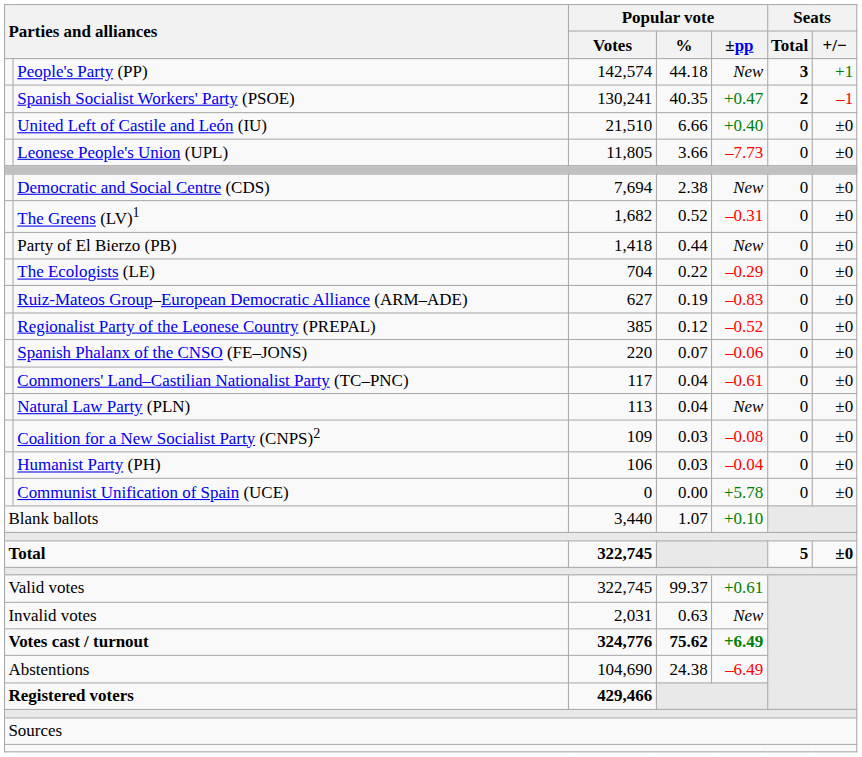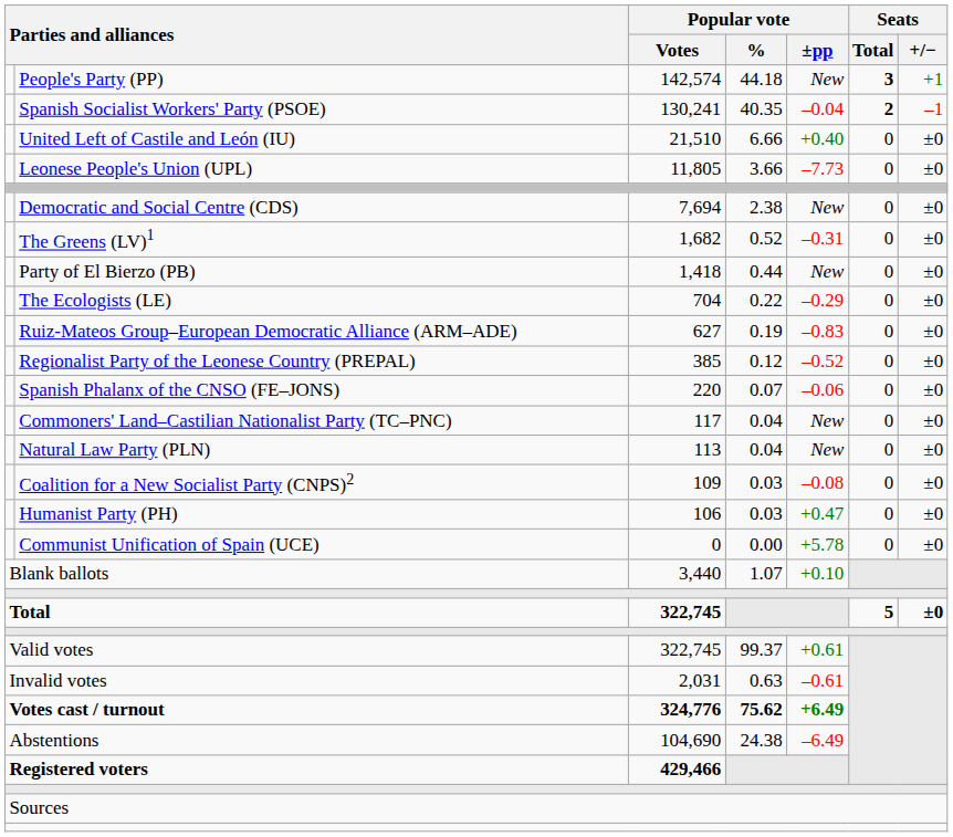 <table class="wikitable" style="text-align:right;">
 <tr>
 <th style="text-align:left;" rowspan="2" colspan="2" width="525">Parties and alliances</th>
 <th colspan="3">Popular vote</th>
 <th colspan="2">Seats</th>
 </tr>
 <tr>
 <th width="75">Votes</th>
 <th width="45">%</th>
 <th width="45">±<a href='#'>pp</a></th>
 <th width="35">Total</th>
 <th width="35">+/−</th>
 </tr>
 <tr>
 <td width="1" style="color:inherit;background:"></td>
 <td align="left"><a href='#'>People's Party</a> (PP)</td>
 <td>142,574</td>
 <td>44.18</td>
 <td><em>New</em></td>
 <td><strong>3</strong></td>
 <td style="color:green;">+1</td>
 </tr>
 <tr>
 <td style="color:inherit;background:"></td>
 <td align="left"><a href='#'>Spanish Socialist Workers' Party</a> (PSOE)</td>
 <td>130,241</td>
 <td>40.35</td>
-<td style="color:green;">+0.47</td>
+<td style="color:red;">–0.04</td>
 <td><strong>2</strong></td>
 <td style="color:red;">–1</td>
 </tr>
 <tr>
 <td style="color:inherit;background:"></td>
 <td align="left"><a href='#'>United Left of Castile and León</a> (IU)</td>
 <td>21,510</td>
 <td>6.66</td>
 <td style="color:green;">+0.40</td>
 <td>0</td>
 <td>±0</td>
 </tr>
 <tr>
 <td style="color:inherit;background:"></td>
 <td align="left"><a href='#'>Leonese People's Union</a> (UPL)</td>
 <td>11,805</td>
 <td>3.66</td>
 <td style="color:red;">–7.73</td>
 <td>0</td>
 <td>±0</td>
 </tr>
 <tr>
 <td colspan="7" bgcolor="#C0C0C0"></td>
 </tr>
 <tr>
 <td style="color:inherit;background:"></td>
 <td align="left"><a href='#'>Democratic and Social Centre</a> (CDS)</td>
 <td>7,694</td>
 <td>2.38</td>
 <td><em>New</em></td>
 <td>0</td>
 <td>±0</td>
 </tr>
 <tr>
 <td style="color:inherit;background:"></td>
 <td align="left"><a href='#'>The Greens</a> (LV)<sup>1</sup></td>
 <td>1,682</td>
 <td>0.52</td>
 <td style="color:red;">–0.31</td>
 <td>0</td>
 <td>±0</td>
 </tr>
 <tr>
 <td style="color:inherit;background:"></td>
 <td align="left">Party of El Bierzo (PB)</td>
 <td>1,418</td>
 <td>0.44</td>
 <td><em>New</em></td>
 <td>0</td>
 <td>±0</td>
 </tr>
 <tr>
 <td style="color:inherit;background:"></td>
 <td align="left"><a href='#'>The Ecologists</a> (LE)</td>
 <td>704</td>
 <td>0.22</td>
 <td style="color:red;">–0.29</td>
 <td>0</td>
 <td>±0</td>
 </tr>
 <tr>
 <td style="color:inherit;background:"></td>
 <td align="left"><a href='#'>Ruiz-Mateos Group</a>–<a href='#'>European Democratic Alliance</a> (ARM–ADE)</td>
 <td>627</td>
 <td>0.19</td>
 <td style="color:red;">–0.83</td>
 <td>0</td>
 <td>±0</td>
 </tr>
 <tr>
 <td style="color:inherit;background:"></td>
 <td align="left"><a href='#'>Regionalist Party of the Leonese Country</a> (PREPAL)</td>
 <td>385</td>
 <td>0.12</td>
 <td style="color:red;">–0.52</td>
 <td>0</td>
 <td>±0</td>
 </tr>
 <tr>
 <td style="color:inherit;background:"></td>
 <td align="left"><a href='#'>Spanish Phalanx of the CNSO</a> (FE–JONS)</td>
 <td>220</td>
 <td>0.07</td>
 <td style="color:red;">–0.06</td>
 <td>0</td>
 <td>±0</td>
 </tr>
 <tr>
 <td style="color:inherit;background:"></td>
 <td align="left"><a href='#'>Commoners' Land–Castilian Nationalist Party</a> (TC–PNC)</td>
 <td>117</td>
 <td>0.04</td>
-<td style="color:red;">–0.61</td>
+<td><em>New</em></td>
 <td>0</td>
 <td>±0</td>
 </tr>
 <tr>
 <td style="color:inherit;background:"></td>
 <td align="left"><a href='#'>Natural Law Party</a> (PLN)</td>
 <td>113</td>
 <td>0.04</td>
 <td><em>New</em></td>
 <td>0</td>
 <td>±0</td>
 </tr>
 <tr>
 <td style="color:inherit;background:"></td>
 <td align="left"><a href='#'>Coalition for a New Socialist Party</a> (CNPS)<sup>2</sup></td>
 <td>109</td>
 <td>0.03</td>
 <td style="color:red;">–0.08</td>
 <td>0</td>
 <td>±0</td>
 </tr>
 <tr>
 <td style="color:inherit;background:"></td>
 <td align="left"><a href='#'>Humanist Party</a> (PH)</td>
 <td>106</td>
 <td>0.03</td>
-<td style="color:red;">–0.04</td>
+<td style="color:green;">+0.47</td>
 <td>0</td>
 <td>±0</td>
 </tr>
 <tr>
 <td style="color:inherit;background:"></td>
 <td align="left"><a href='#'>Communist Unification of Spain</a> (UCE)</td>
 <td>0</td>
 <td>0.00</td>
 <td style="color:green;">+5.78</td>
 <td>0</td>
 <td>±0</td>
 </tr>
 <tr>
 <td align="left" colspan="2">Blank ballots</td>
 <td>3,440</td>
 <td>1.07</td>
 <td style="color:green;">+0.10</td>
 <td bgcolor="#E9E9E9" colspan="2"></td>
 </tr>
 <tr>
 <td colspan="7" bgcolor="#E9E9E9"></td>
 </tr>
 <tr style="font-weight:bold;">
 <td align="left" colspan="2">Total</td>
 <td>322,745</td>
 <td bgcolor="#E9E9E9" colspan="2"></td>
 <td>5</td>
 <td>±0</td>
 </tr>
 <tr>
 <td colspan="7" bgcolor="#E9E9E9"></td>
 </tr>
 <tr>
 <td align="left" colspan="2">Valid votes</td>
 <td>322,745</td>
 <td>99.37</td>
 <td style="color:green;">+0.61</td>
 <td bgcolor="#E9E9E9" colspan="2" rowspan="5"></td>
 </tr>
 <tr>
 <td align="left" colspan="2">Invalid votes</td>
 <td>2,031</td>
 <td>0.63</td>
-<td><em>New</em></td>
+<td style="color:red;">–0.61</td>
 </tr>
 <tr style="font-weight:bold;">
 <td align="left" colspan="2">Votes cast / turnout</td>
 <td>324,776</td>
 <td>75.62</td>
 <td style="color:green;">+6.49</td>
 </tr>
 <tr>
 <td align="left" colspan="2">Abstentions</td>
 <td>104,690</td>
 <td>24.38</td>
 <td style="color:red;">–6.49</td>
 </tr>
 <tr style="font-weight:bold;">
 <td align="left" colspan="2">Registered voters</td>
 <td>429,466</td>
 <td bgcolor="#E9E9E9" colspan="2"></td>
 </tr>
 <tr>
 <td colspan="7" bgcolor="#E9E9E9"></td>
 </tr>
 <tr>
 <td align="left" colspan="7">Sources</td>
 </tr>
 <tr>
 <td colspan="7" style="text-align:left; max-width:790px;"></td>
 </tr>
 </table>
